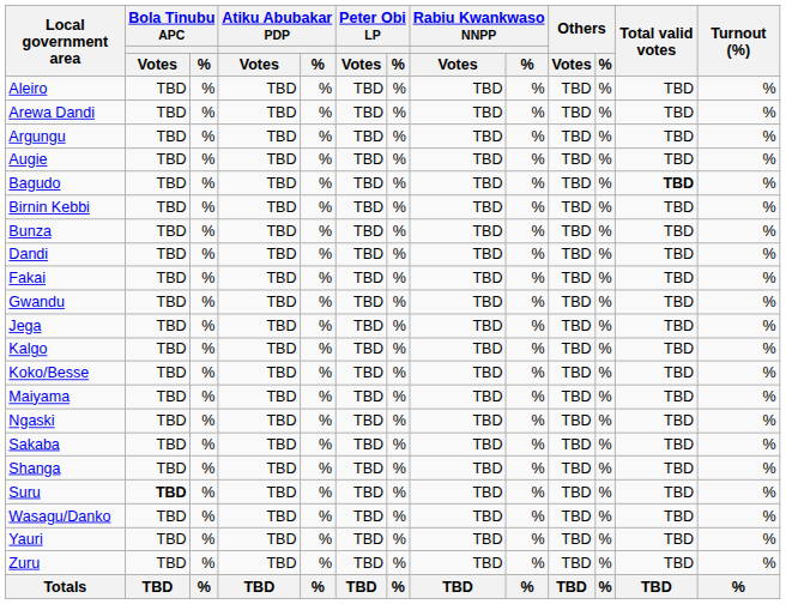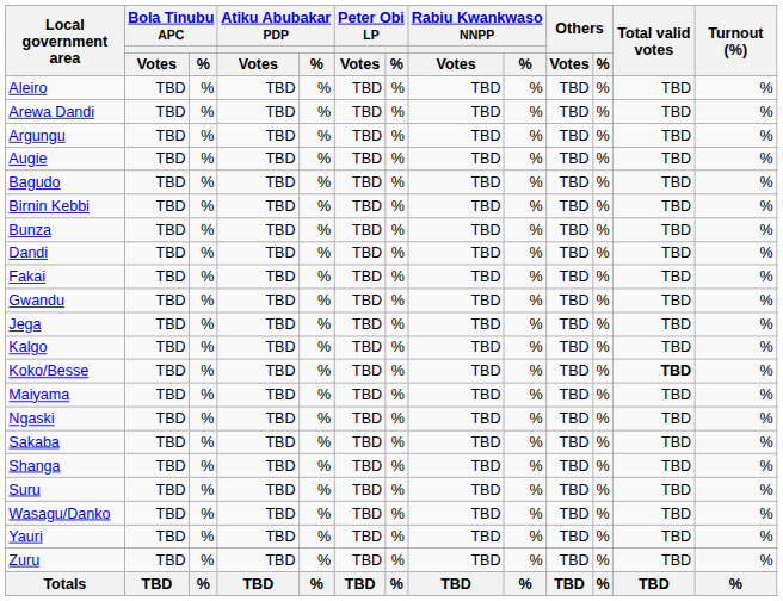 <table class="wikitable sortable" style="text-align:right; font-size:90%">
 <tr>
 <th rowspan="3" style="max-width:7.5em;">Local government area</th>
 <th colspan="2"><a href='#'>Bola Tinubu</a><br><small>APC</small></th>
 <th colspan="2"><a href='#'>Atiku Abubakar</a><br><small>PDP</small></th>
 <th colspan="2"><a href='#'>Peter Obi</a><br><small>LP</small></th>
 <th colspan="2"><a href='#'>Rabiu Kwankwaso</a><br><small>NNPP</small></th>
 <th colspan="2" rowspan="2">Others</th>
 <th rowspan="3" style="max-width:5em;">Total valid votes</th>
 <th rowspan="3" style="max-width:5em;">Turnout (%)</th>
 </tr>
 <tr>
 <th colspan=2 style="background-color:"></th>
 <th colspan=2 style="background-color:"></th>
 <th colspan=2 style="background-color:"></th>
 <th colspan=2 style="background-color:"></th>
 </tr>
 <tr>
 <th>Votes</th>
 <th>%</th>
 <th>Votes</th>
 <th>%</th>
 <th>Votes</th>
 <th>%</th>
 <th>Votes</th>
 <th>%</th>
 <th>Votes</th>
 <th>%</th>
 </tr>
 <tr style="background-color:#">
 <td style="text-align:left;"><a href='#'>Aleiro</a></td>
 <td>TBD</td>
 <td>%</td>
 <td>TBD</td>
 <td>%</td>
 <td>TBD</td>
 <td>%</td>
 <td>TBD</td>
 <td>%</td>
 <td>TBD</td>
 <td>%</td>
 <td>TBD</td>
 <td>%</td>
 </tr>
 <tr style="background-color:#">
 <td style="text-align:left;"><a href='#'>Arewa Dandi</a></td>
 <td>TBD</td>
 <td>%</td>
 <td>TBD</td>
 <td>%</td>
 <td>TBD</td>
 <td>%</td>
 <td>TBD</td>
 <td>%</td>
 <td>TBD</td>
 <td>%</td>
 <td>TBD</td>
 <td>%</td>
 </tr>
 <tr style="background-color:#">
 <td style="text-align:left;"><a href='#'>Argungu</a></td>
 <td>TBD</td>
 <td>%</td>
 <td>TBD</td>
 <td>%</td>
 <td>TBD</td>
 <td>%</td>
 <td>TBD</td>
 <td>%</td>
 <td>TBD</td>
 <td>%</td>
 <td>TBD</td>
 <td>%</td>
 </tr>
 <tr style="background-color:#">
 <td style="text-align:left;"><a href='#'>Augie</a></td>
 <td>TBD</td>
 <td>%</td>
 <td>TBD</td>
 <td>%</td>
 <td>TBD</td>
 <td>%</td>
 <td>TBD</td>
 <td>%</td>
 <td>TBD</td>
 <td>%</td>
 <td>TBD</td>
 <td>%</td>
 </tr>
 <tr style="background-color:#">
 <td style="text-align:left;"><a href='#'>Bagudo</a></td>
 <td>TBD</td>
 <td>%</td>
 <td>TBD</td>
 <td>%</td>
 <td>TBD</td>
 <td>%</td>
 <td>TBD</td>
 <td>%</td>
 <td>TBD</td>
 <td>%</td>
-<td><strong>TBD</strong></td>
+<td>TBD</td>
 <td>%</td>
 </tr>
 <tr style="background-color:#">
 <td style="text-align:left;"><a href='#'>Birnin Kebbi</a></td>
 <td>TBD</td>
 <td>%</td>
 <td>TBD</td>
 <td>%</td>
 <td>TBD</td>
 <td>%</td>
 <td>TBD</td>
 <td>%</td>
 <td>TBD</td>
 <td>%</td>
 <td>TBD</td>
 <td>%</td>
 </tr>
 <tr style="background-color:#">
 <td style="text-align:left;"><a href='#'>Bunza</a></td>
 <td>TBD</td>
 <td>%</td>
 <td>TBD</td>
 <td>%</td>
 <td>TBD</td>
 <td>%</td>
 <td>TBD</td>
 <td>%</td>
 <td>TBD</td>
 <td>%</td>
 <td>TBD</td>
 <td>%</td>
 </tr>
 <tr style="background-color:#">
 <td style="text-align:left;"><a href='#'>Dandi</a></td>
 <td>TBD</td>
 <td>%</td>
 <td>TBD</td>
 <td>%</td>
 <td>TBD</td>
 <td>%</td>
 <td>TBD</td>
 <td>%</td>
 <td>TBD</td>
 <td>%</td>
 <td>TBD</td>
 <td>%</td>
 </tr>
 <tr style="background-color:#">
 <td style="text-align:left;"><a href='#'>Fakai</a></td>
 <td>TBD</td>
 <td>%</td>
 <td>TBD</td>
 <td>%</td>
 <td>TBD</td>
 <td>%</td>
 <td>TBD</td>
 <td>%</td>
 <td>TBD</td>
 <td>%</td>
 <td>TBD</td>
 <td>%</td>
 </tr>
 <tr style="background-color:#">
 <td style="text-align:left;"><a href='#'>Gwandu</a></td>
 <td>TBD</td>
 <td>%</td>
 <td>TBD</td>
 <td>%</td>
 <td>TBD</td>
 <td>%</td>
 <td>TBD</td>
 <td>%</td>
 <td>TBD</td>
 <td>%</td>
 <td>TBD</td>
 <td>%</td>
 </tr>
 <tr style="background-color:#">
 <td style="text-align:left;"><a href='#'>Jega</a></td>
 <td>TBD</td>
 <td>%</td>
 <td>TBD</td>
 <td>%</td>
 <td>TBD</td>
 <td>%</td>
 <td>TBD</td>
 <td>%</td>
 <td>TBD</td>
 <td>%</td>
 <td>TBD</td>
 <td>%</td>
 </tr>
 <tr style="background-color:#">
 <td style="text-align:left;"><a href='#'>Kalgo</a></td>
 <td>TBD</td>
 <td>%</td>
 <td>TBD</td>
 <td>%</td>
 <td>TBD</td>
 <td>%</td>
 <td>TBD</td>
 <td>%</td>
 <td>TBD</td>
 <td>%</td>
 <td>TBD</td>
 <td>%</td>
 </tr>
 <tr style="background-color:#">
 <td style="text-align:left;"><a href='#'>Koko/Besse</a></td>
 <td>TBD</td>
 <td>%</td>
 <td>TBD</td>
 <td>%</td>
 <td>TBD</td>
 <td>%</td>
 <td>TBD</td>
 <td>%</td>
 <td>TBD</td>
 <td>%</td>
-<td>TBD</td>
+<td><strong>TBD</strong></td>
 <td>%</td>
 </tr>
 <tr style="background-color:#">
 <td style="text-align:left;"><a href='#'>Maiyama</a></td>
 <td>TBD</td>
 <td>%</td>
 <td>TBD</td>
 <td>%</td>
 <td>TBD</td>
 <td>%</td>
 <td>TBD</td>
 <td>%</td>
 <td>TBD</td>
 <td>%</td>
 <td>TBD</td>
 <td>%</td>
 </tr>
 <tr style="background-color:#">
 <td style="text-align:left;"><a href='#'>Ngaski</a></td>
 <td>TBD</td>
 <td>%</td>
 <td>TBD</td>
 <td>%</td>
 <td>TBD</td>
 <td>%</td>
 <td>TBD</td>
 <td>%</td>
 <td>TBD</td>
 <td>%</td>
 <td>TBD</td>
 <td>%</td>
 </tr>
 <tr style="background-color:#">
 <td style="text-align:left;"><a href='#'>Sakaba</a></td>
 <td>TBD</td>
 <td>%</td>
 <td>TBD</td>
 <td>%</td>
 <td>TBD</td>
 <td>%</td>
 <td>TBD</td>
 <td>%</td>
 <td>TBD</td>
 <td>%</td>
 <td>TBD</td>
 <td>%</td>
 </tr>
 <tr style="background-color:#">
 <td style="text-align:left;"><a href='#'>Shanga</a></td>
 <td>TBD</td>
 <td>%</td>
 <td>TBD</td>
 <td>%</td>
 <td>TBD</td>
 <td>%</td>
 <td>TBD</td>
 <td>%</td>
 <td>TBD</td>
 <td>%</td>
 <td>TBD</td>
 <td>%</td>
 </tr>
 <tr style="background-color:#">
 <td style="text-align:left;"><a href='#'>Suru</a></td>
-<td><strong>TBD</strong></td>
+<td>TBD</td>
 <td>%</td>
 <td>TBD</td>
 <td>%</td>
 <td>TBD</td>
 <td>%</td>
 <td>TBD</td>
 <td>%</td>
 <td>TBD</td>
 <td>%</td>
 <td>TBD</td>
 <td>%</td>
 </tr>
 <tr style="background-color:#">
 <td style="text-align:left;"><a href='#'>Wasagu/Danko</a></td>
 <td>TBD</td>
 <td>%</td>
 <td>TBD</td>
 <td>%</td>
 <td>TBD</td>
 <td>%</td>
 <td>TBD</td>
 <td>%</td>
 <td>TBD</td>
 <td>%</td>
 <td>TBD</td>
 <td>%</td>
 </tr>
 <tr style="background-color:#">
 <td style="text-align:left;"><a href='#'>Yauri</a></td>
 <td>TBD</td>
 <td>%</td>
 <td>TBD</td>
 <td>%</td>
 <td>TBD</td>
 <td>%</td>
 <td>TBD</td>
 <td>%</td>
 <td>TBD</td>
 <td>%</td>
 <td>TBD</td>
 <td>%</td>
 </tr>
 <tr style="background-color:#">
 <td style="text-align:left;"><a href='#'>Zuru</a></td>
 <td>TBD</td>
 <td>%</td>
 <td>TBD</td>
 <td>%</td>
 <td>TBD</td>
 <td>%</td>
 <td>TBD</td>
 <td>%</td>
 <td>TBD</td>
 <td>%</td>
 <td>TBD</td>
 <td>%</td>
 </tr>
 <tr>
 <th>Totals</th>
 <th>TBD</th>
 <th>%</th>
 <th>TBD</th>
 <th>%</th>
 <th>TBD</th>
 <th>%</th>
 <th>TBD</th>
 <th>%</th>
 <th>TBD</th>
 <th>%</th>
 <th>TBD</th>
 <th>%</th>
 </tr>
 </table>
